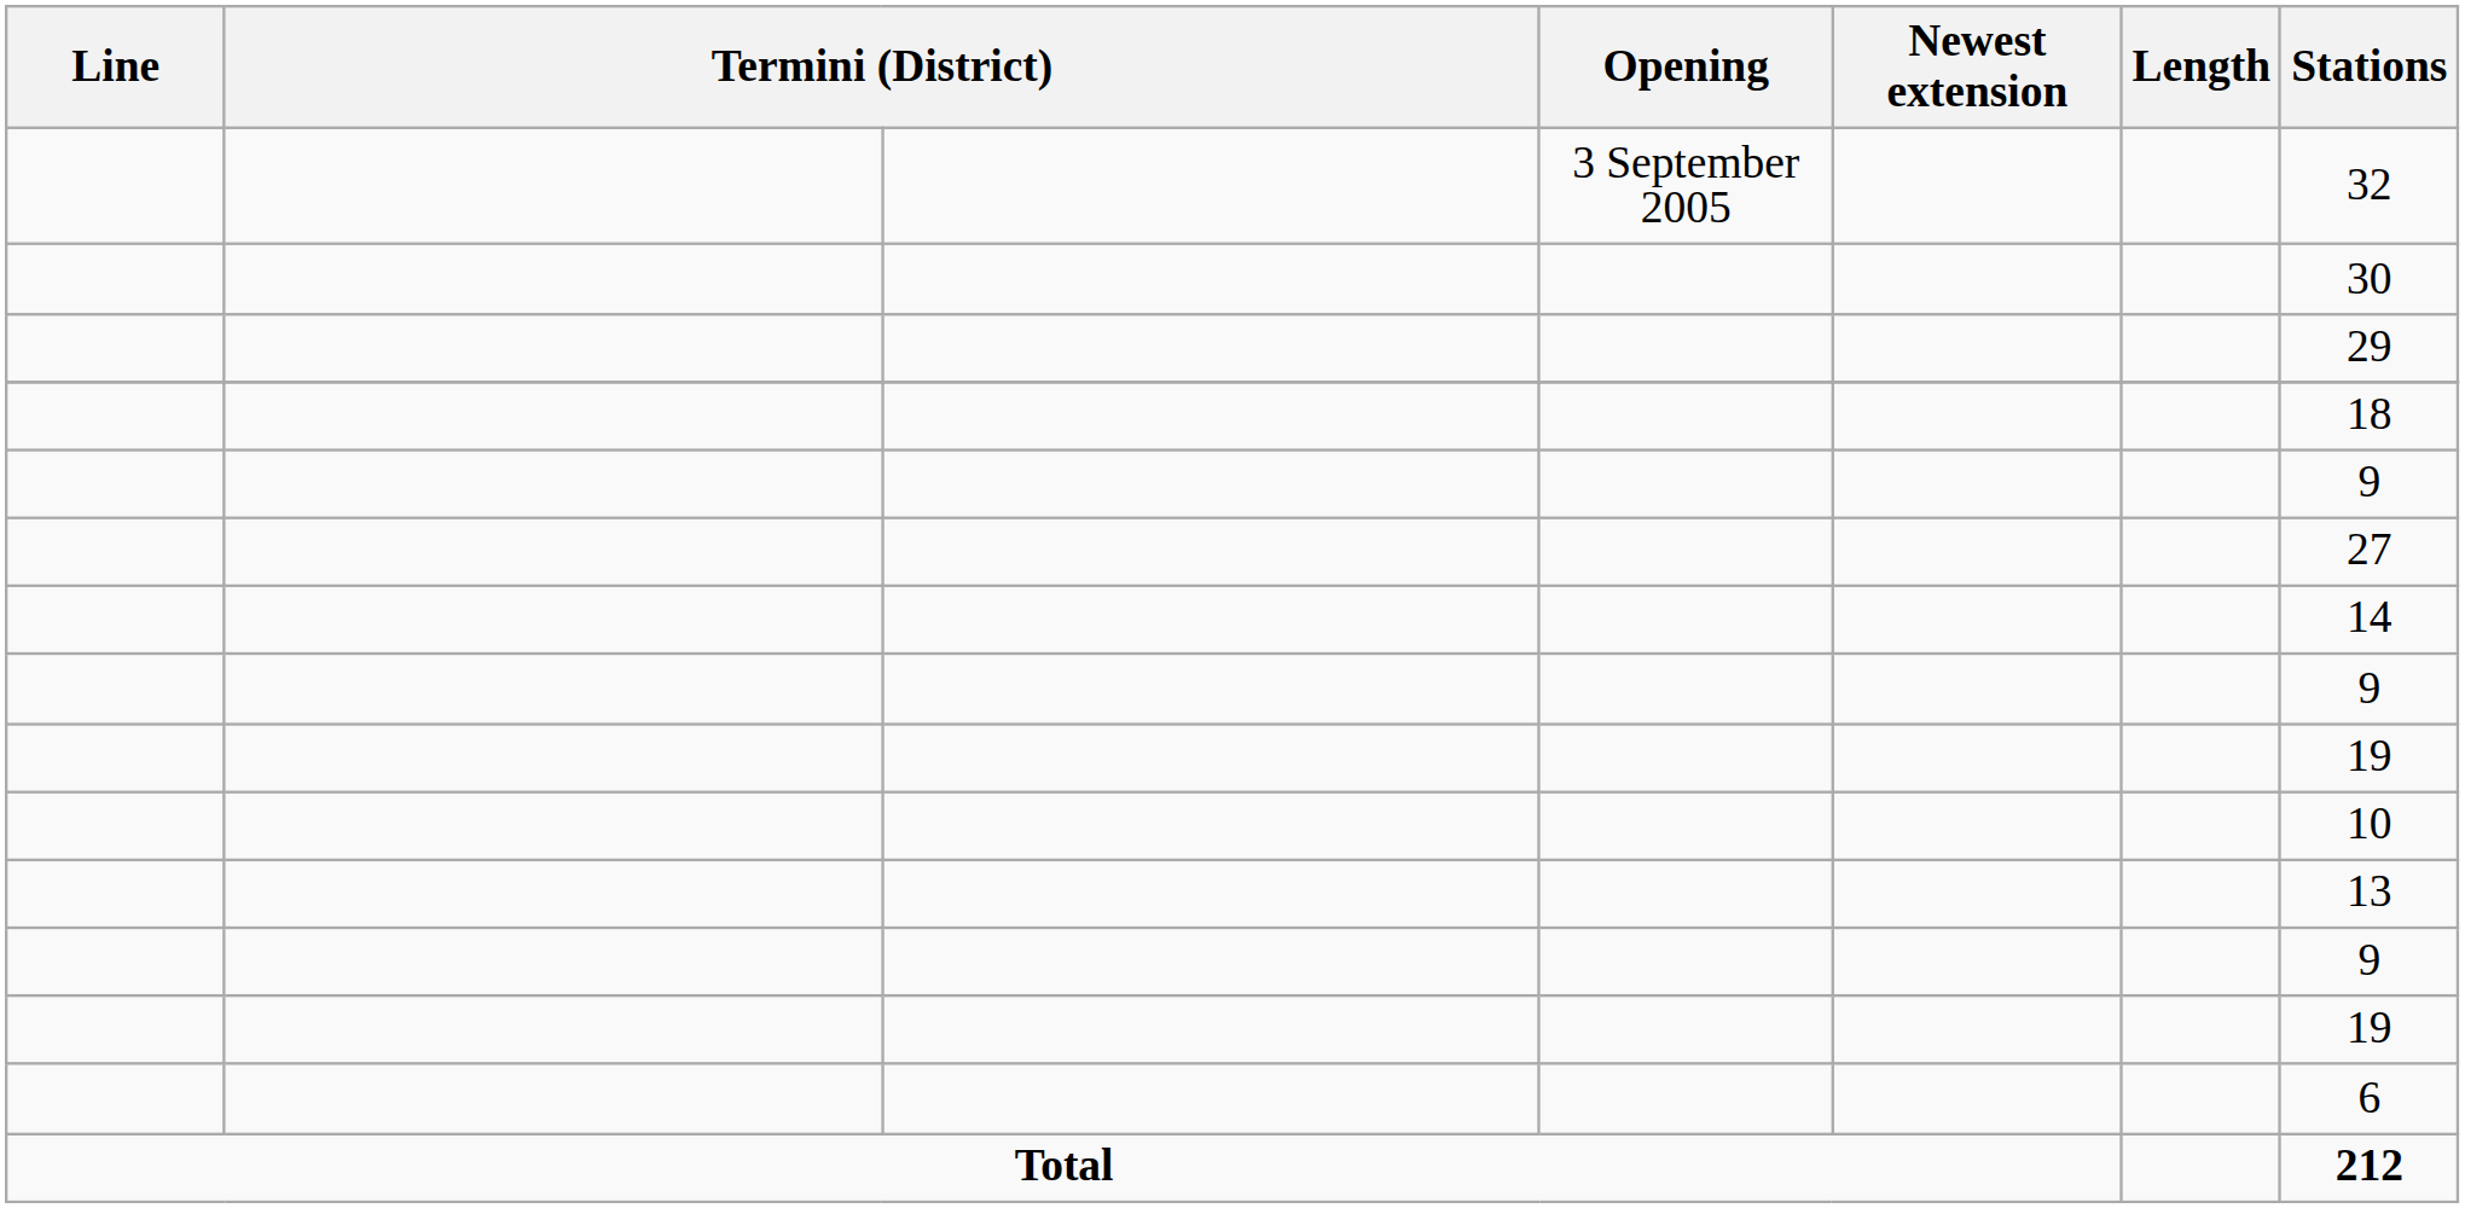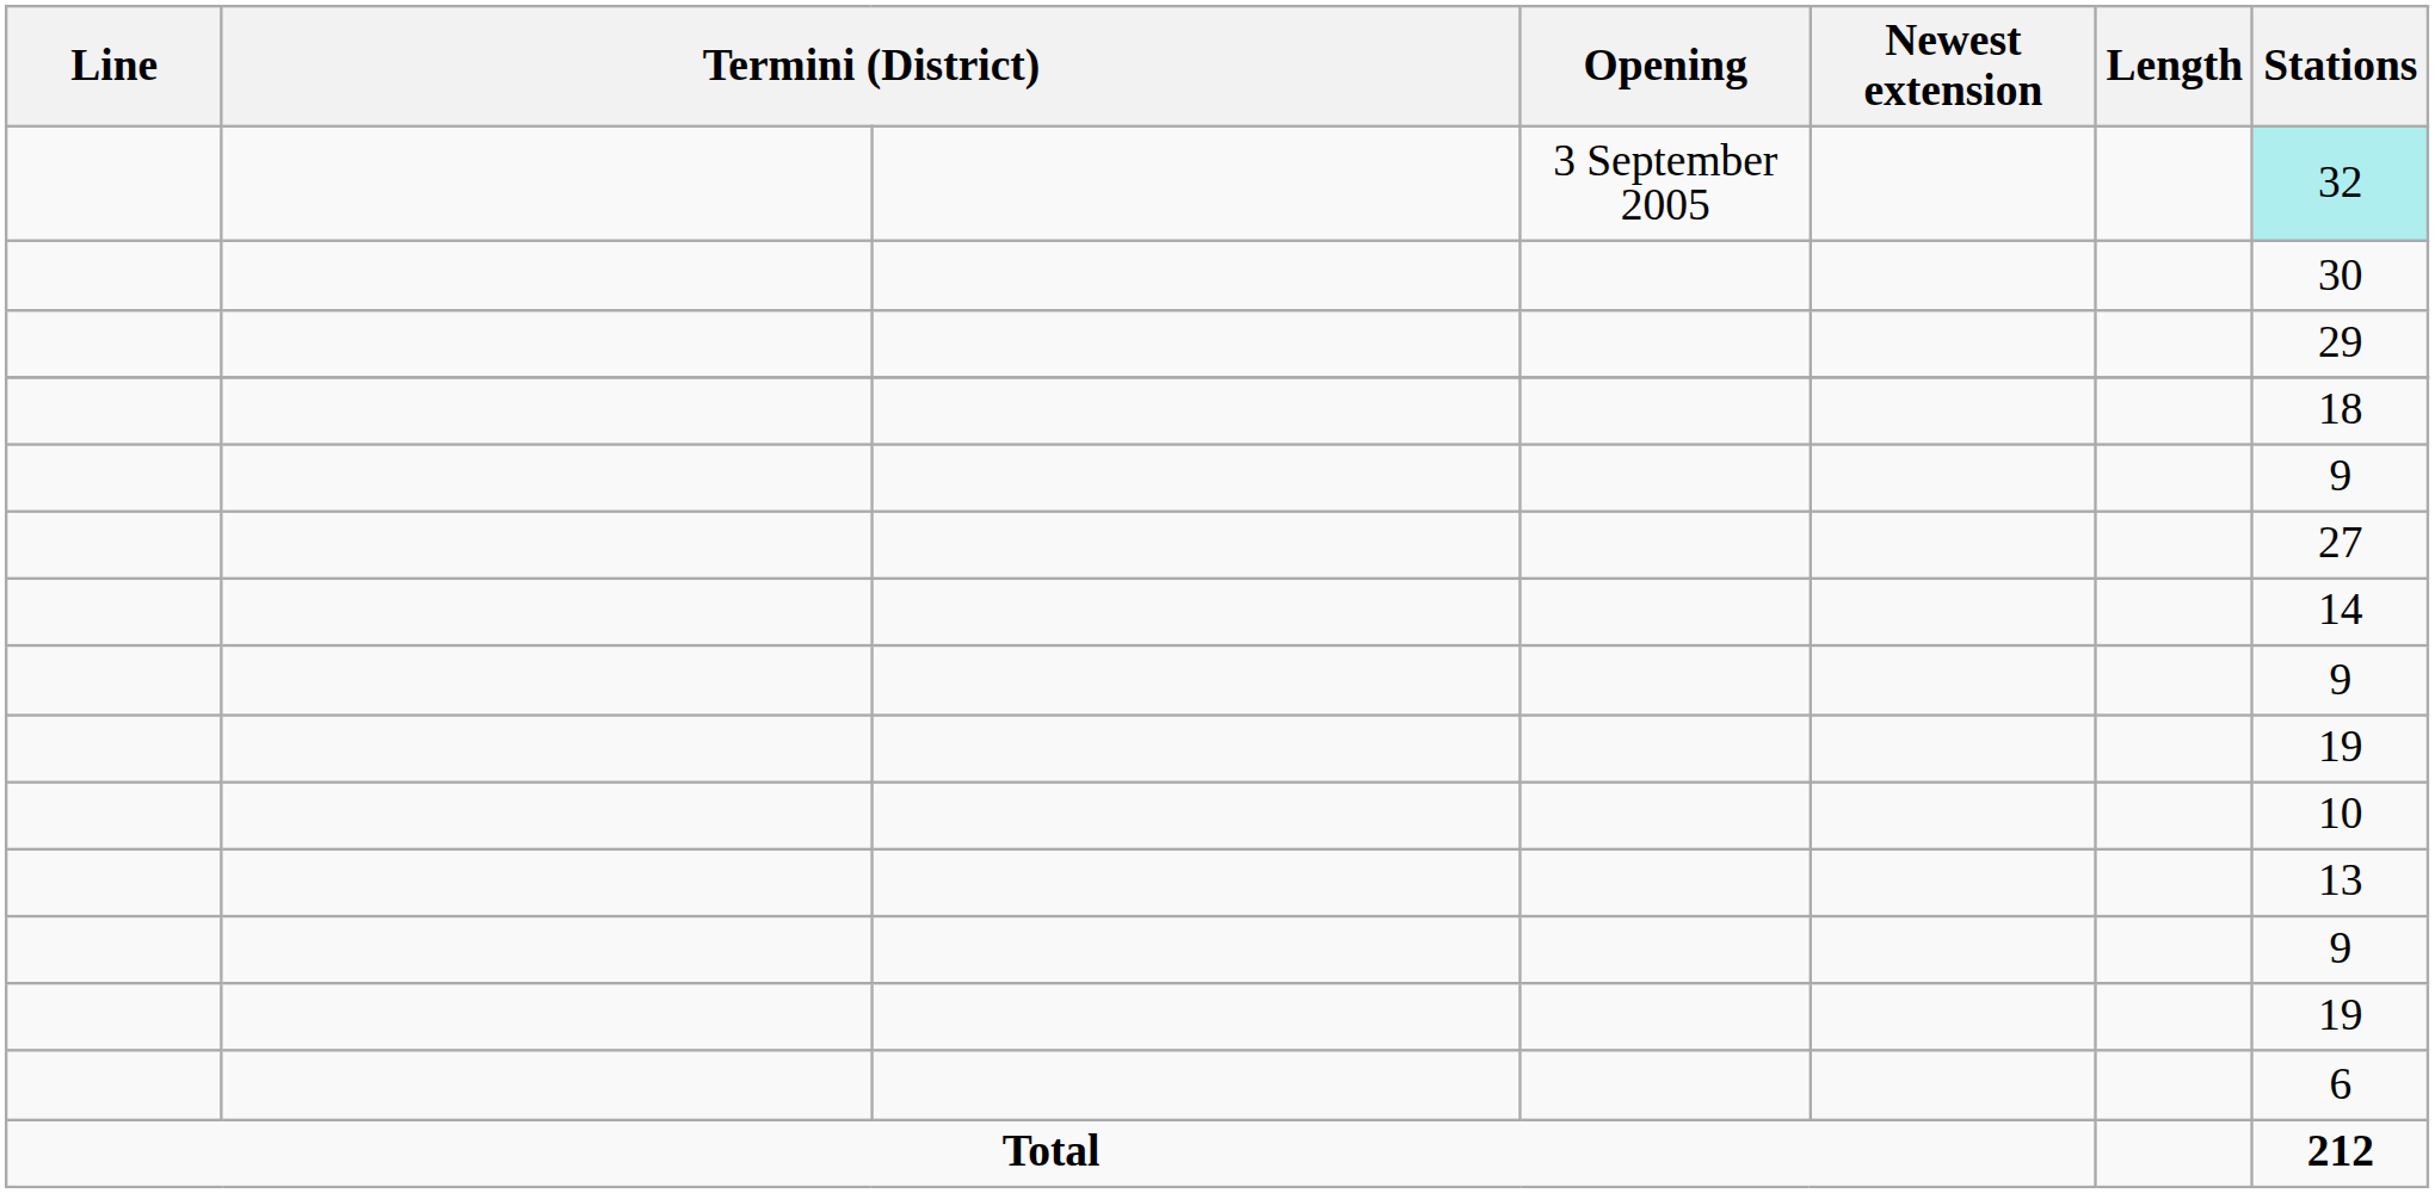 <table class="wikitable" style="text-align:center">
 <tr>
 <th scope="col" data-sort-type="text" style="width:70px;">Line</th>
 <th scope="col" colspan="2" class="unsortable" style="width:450px; line-height:1.05">Termini (District)</th>
 <th scope="col" data-sort-type="number">Opening</th>
 <th scope="col" data-sort-type="number">Newest extension</th>
 <th scope="col" style="line-height:1.05" data-sort-type="number">Length</th>
 <th scope="col" style="line-height:1.05" data-sort-type="number">Stations</th>
 </tr>
 <tr>
 <td style="text-align:center; line-height:1.05"></td>
 <td style="text-align:center; width:225px; line-height:1.05"><strong></strong><br></td>
 <td style="text-align:center; width:225px; line-height:1.05"><strong></strong><br></td>
 <td style="text-align:center; line-height:1.05">3 September 2005</td>
 <td style="text-align:center; line-height:1.05"></td>
 <td style="text-align:center; line-height:1.05"></td>
-<td style="text-align:center; line-height:1.05">32</td>
+<td style="background: paleturquoise; text-align:center; line-height:1.05">32</td>
 </tr>
 <tr>
 <td style="text-align:center; line-height:1.05"></td>
 <td style="text-align:center; width:225px; line-height:1.05"><strong></strong><br></td>
 <td style="text-align:center; width:225px; line-height:1.05"><strong></strong><br></td>
 <td style="text-align:center; line-height:1.05"></td>
 <td style="text-align:center; line-height:1.05"></td>
 <td style="text-align:center; line-height:1.05"></td>
 <td style="text-align:center; line-height:1.05">30</td>
 </tr>
 <tr>
 <td style="text-align:center; line-height:1.05"></td>
 <td style="text-align:center; width:225px; line-height:1.05"><strong></strong><br></td>
 <td style="text-align:center; width:225px; line-height:1.05"><strong></strong><br></td>
 <td style="text-align:center; line-height:1.05"></td>
 <td style="text-align:center; line-height:1.05"></td>
 <td style="text-align:center; line-height:1.05"></td>
 <td style="text-align:center; line-height:1.05">29</td>
 </tr>
 <tr class="sortbottom">
 </tr>
 <tr>
 <td style="text-align:center; line-height:1.05"></td>
 <td style="text-align:center; width:225px; line-height:1.05"><strong></strong><br></td>
 <td style="text-align:center; width:225px; line-height:1.05"><strong></strong><br></td>
 <td style="text-align:center; line-height:1.05"></td>
 <td style="text-align:center; line-height:1.05"></td>
 <td style="text-align:center; line-height:1.05"></td>
 <td style="text-align:center; line-height:1.05">18</td>
 </tr>
 <tr>
 <td style="text-align:center; line-height:1.05"></td>
 <td style="text-align:center; width:225px; line-height:1.05"><strong></strong><br></td>
 <td style="text-align:center; width:225px; line-height:1.05"><strong></strong><br></td>
 <td style="text-align:center; line-height:1.05"></td>
 <td style="text-align:center; line-height:1.05"></td>
 <td style="text-align:center; line-height:1.05"></td>
 <td style="text-align:center; line-height:1.05">9</td>
 </tr>
 <tr>
 <td style="text-align:center; line-height:1.05"></td>
 <td style="text-align:center; width:225px; line-height:1.05"><strong></strong><br></td>
 <td style="text-align:center; width:225px; line-height:1.05"><strong></strong><br></td>
 <td style="text-align:center; line-height:1.05"></td>
 <td style="text-align:center; line-height:1.05"></td>
 <td style="text-align:center; line-height:1.05"></td>
 <td style="text-align:center; line-height:1.05">27</td>
 </tr>
 <tr>
 <td style="text-align:center; line-height:1.05"></td>
 <td style="text-align:center; width:225px; line-height:1.05"><strong></strong><br></td>
 <td style="text-align:center; width:225px; line-height:1.05"><strong></strong><br></td>
 <td style="text-align:center; line-height:1.05"></td>
 <td style="text-align:center; line-height:1.05"></td>
 <td style="text-align:center; line-height:1.05"></td>
 <td style="text-align:center; line-height:1.05">14</td>
 </tr>
 <tr>
 <td style="text-align:center; line-height:1.05"></td>
 <td style="text-align:center; width:225px; line-height:1.05"><strong></strong><br></td>
 <td style="text-align:center; width:225px; line-height:1.05"><strong></strong><br></td>
 <td style="text-align:center; line-height:1.05"></td>
 <td style="text-align:center; line-height:1.05"></td>
 <td style="text-align:center; line-height:1.05"></td>
 <td style="text-align:center; line-height:1.05">9</td>
 </tr>
 <tr>
 <td style="text-align:center; line-height:1.05"></td>
 <td style="text-align:center; width:225px; line-height:1.05"><strong></strong><br></td>
 <td style="text-align:center; width:225px; line-height:1.05"><strong></strong><br></td>
 <td style="text-align:center; line-height:1.05"></td>
 <td style="text-align:center; line-height:1.05"></td>
 <td style="text-align:center; line-height:1.05"></td>
 <td style="text-align:center; line-height:1.05">19</td>
 </tr>
 <tr>
 <td style="text-align:center; line-height:1.05"></td>
 <td style="text-align:center; width:225px; line-height:1.05"><strong></strong><br></td>
 <td style="text-align:center; width:225px; line-height:1.05"><strong></strong><br></td>
 <td style="text-align:center; line-height:1.05"></td>
 <td style="text-align:center; line-height:1.05"></td>
 <td style="text-align:center; line-height:1.05"></td>
 <td style="text-align:center; line-height:1.05">10</td>
 </tr>
 <tr>
 <td style="text-align:center; line-height:1.05"></td>
 <td style="text-align:center; width:225px; line-height:1.05"><strong></strong><br></td>
 <td style="text-align:center; width:225px; line-height:1.05"><strong></strong><br></td>
 <td style="text-align:center; line-height:1.05"></td>
 <td style="text-align:center; line-height:1.05"></td>
 <td style="text-align:center; line-height:1.05"></td>
 <td style="text-align:center; line-height:1.05">13</td>
 </tr>
 <tr>
 <td style="text-align:center; line-height:1.05"></td>
 <td style="text-align:center; width:225px; line-height:1.05"><strong></strong><br></td>
 <td style="text-align:center; width:225px; line-height:1.05"><strong></strong><br></td>
 <td style="text-align:center; line-height:1.05"></td>
 <td style="text-align:center; line-height:1.05"></td>
 <td style="text-align:center; line-height:1.05"></td>
 <td style="text-align:center; line-height:1.05">9</td>
 </tr>
 <tr>
 <td style="text-align:center; line-height:1.05"></td>
 <td style="text-align:center; width:225px; line-height:1.05"><strong></strong><br></td>
 <td style="text-align:center; width:225px; line-height:1.05"><strong></strong><br></td>
 <td style="text-align:center; line-height:1.05"></td>
 <td style="text-align:center; line-height:1.05"></td>
 <td style="text-align:center; line-height:1.05"></td>
 <td style="text-align:center; line-height:1.05">19</td>
 </tr>
 <tr>
 <td style="text-align:center; line-height:1.05"></td>
 <td style="text-align:center; width:225px; line-height:1.05"><strong></strong><br></td>
 <td style="text-align:center; width:225px; line-height:1.05"><strong></strong><br></td>
 <td style="text-align:center; line-height:1.05"></td>
 <td style="text-align:center; line-height:1.05"></td>
 <td style="text-align:center; line-height:1.05"></td>
 <td style="text-align:center; line-height:1.05">6</td>
 </tr>
 <tr class="sortbottom">
 <td colspan="5" style="text-align:center; line-height:1.05"><strong>Total</strong></td>
 <td style="text-align:center; line-height:1.05"><strong></strong></td>
 <td style="text-align:center; line-height:1.05"><strong>212</strong></td>
 </tr>
 </table>
